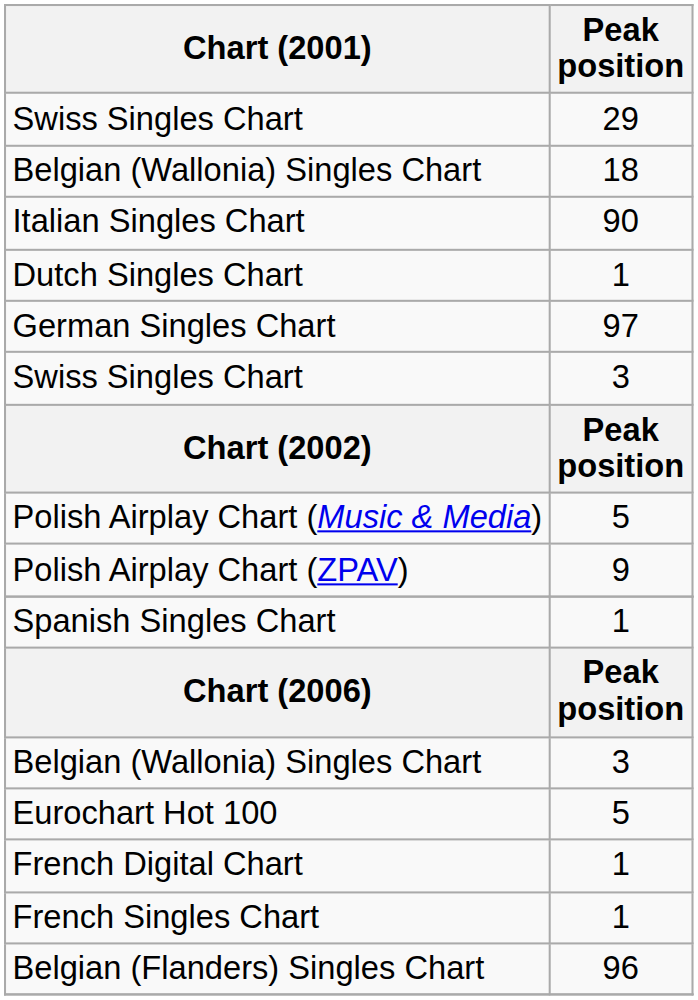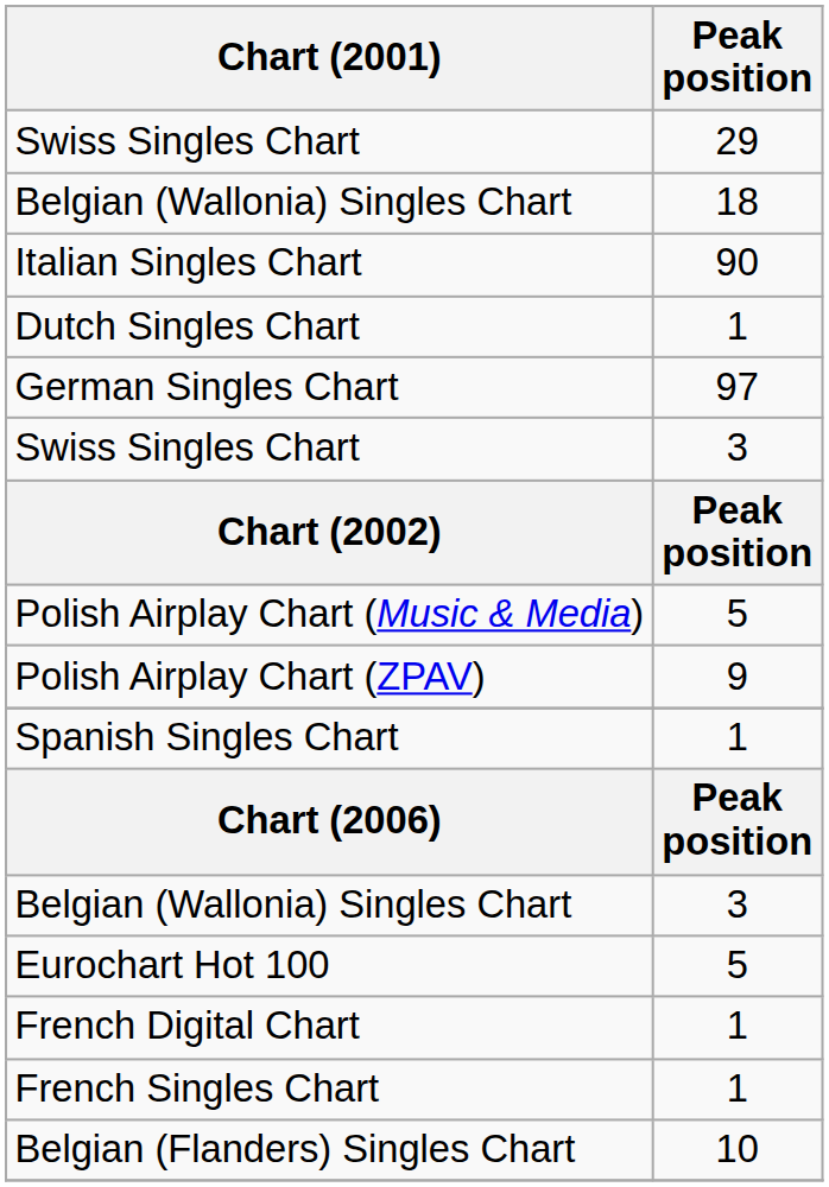 <table class="wikitable sortable">
 <tr>
 <th>Chart (2001)</th>
 <th>Peak<br>position</th>
 </tr>
 <tr>
 <td>Swiss Singles Chart</td>
 <td align="center">29</td>
 </tr>
 <tr>
 <td>Belgian (Wallonia) Singles Chart</td>
 <td align="center">18</td>
 </tr>
 <tr>
 <td>Italian Singles Chart</td>
 <td align="center">90</td>
 </tr>
 <tr>
 <td>Dutch Singles Chart</td>
 <td align="center">1</td>
 </tr>
 <tr>
 <td>German Singles Chart</td>
 <td align="center">97</td>
 </tr>
 <tr>
 <td>Swiss Singles Chart</td>
 <td align="center">3</td>
 </tr>
 <tr>
 <th>Chart (2002)</th>
 <th>Peak<br>position</th>
 </tr>
 <tr>
 <td>Polish Airplay Chart (<em><a href='#'>Music & Media</a></em>)</td>
 <td align="center">5</td>
 </tr>
 <tr>
 <td>Polish Airplay Chart (<a href='#'>ZPAV</a>)</td>
 <td align="center">9</td>
 </tr>
 <tr>
 </tr>
 <tr>
 <td>Spanish Singles Chart</td>
 <td align="center">1</td>
 </tr>
 <tr>
 <th>Chart (2006)</th>
 <th>Peak<br>position</th>
 </tr>
 <tr>
 <td>Belgian (Wallonia) Singles Chart</td>
 <td align="center">3</td>
 </tr>
 <tr>
 <td>Eurochart Hot 100</td>
 <td align="center">5</td>
 </tr>
 <tr>
 <td>French Digital Chart</td>
 <td align="center">1</td>
 </tr>
 <tr>
 <td>French Singles Chart</td>
 <td align="center">1</td>
 </tr>
 <tr>
 <td>Belgian (Flanders) Singles Chart</td>
-<td align="center">96</td>
+<td align="center">10</td>
 </tr>
 <tr>
 </tr>
 </table>
